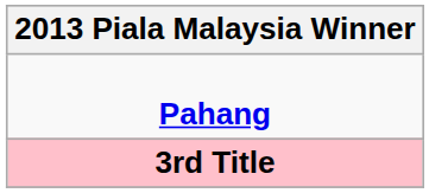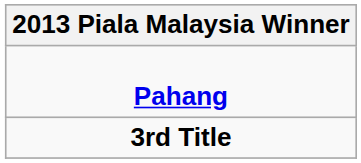 <table class="wikitable" style="text-align: center; margin: 0 auto;">
 <tr>
 <th>2013 Piala Malaysia Winner</th>
 </tr>
 <tr>
 <td><br><a href='#'><strong>Pahang</strong></a></td>
 </tr>
 <tr>
-<td style="background: pink;"><strong>3rd Title</strong></td>
+<td><strong>3rd Title</strong></td>
 </tr>
 </table>
